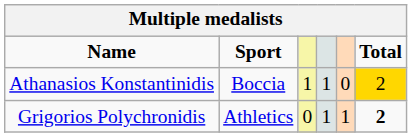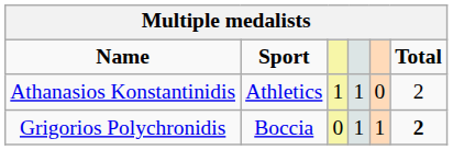 <table class="wikitable" style="font-size:85%; float:left;">
 <tr style="background:#efefef;">
 <th colspan=7><strong>Multiple medalists</strong></th>
 </tr>
 <tr align=center>
 <td><strong>Name</strong></td>
 <td><strong>Sport</strong></td>
 <td style="background:#f7f6a8;"></td>
 <td style="background:#dce5e5;"></td>
 <td style="background:#ffdab9;"></td>
 <td><strong>Total</strong></td>
 </tr>
 <tr align=center>
 <td><a href='#'>Athanasios Konstantinidis</a></td>
-<td><a href='#'>Boccia</a></td>
+<td><a href='#'>Athletics</a></td>
 <td style="background:#f7f6a8;">1</td>
 <td style="background:#dce5e5;">1</td>
 <td style="background:#ffdab9;">0</td>
-<td style="background: gold;">2</td>
+<td>2</td>
 </tr>
 <tr align=center>
 <td><a href='#'>Grigorios Polychronidis</a></td>
-<td><a href='#'>Athletics</a></td>
+<td><a href='#'>Boccia</a></td>
 <td style="background:#f7f6a8;">0</td>
 <td style="background:#dce5e5;">1</td>
 <td style="background:#ffdab9;">1</td>
 <td><strong>2</strong></td>
 </tr>
 </table>
